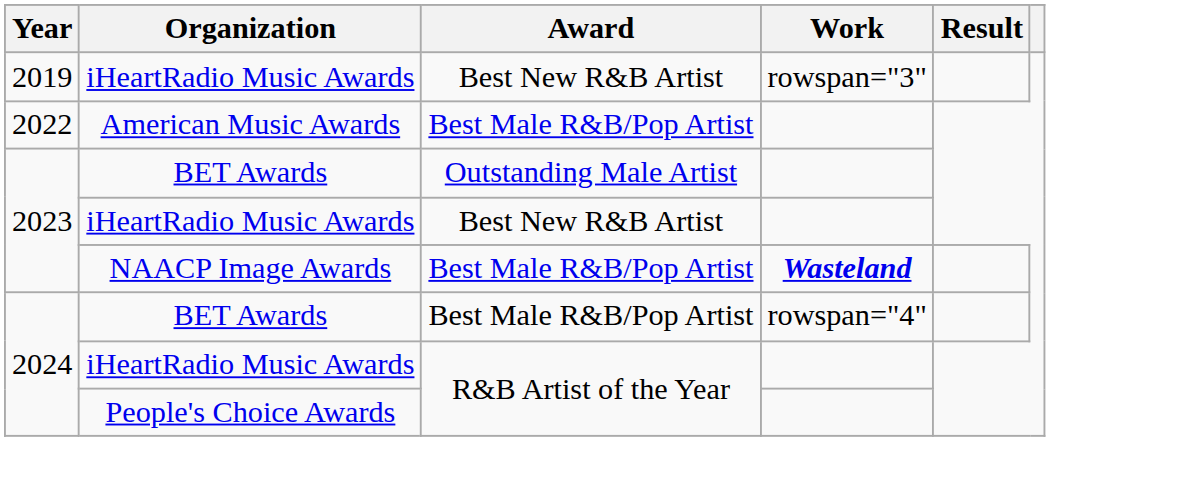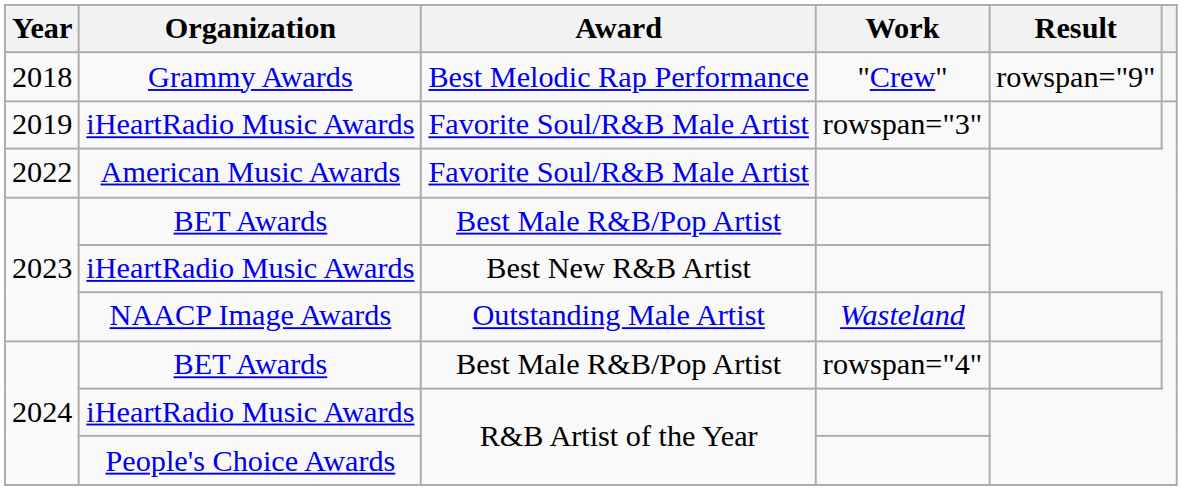 <table class="wikitable plainrowheaders" style="text-align:center;">
 <tr>
 <th>Year</th>
 <th>Organization</th>
 <th>Award</th>
 <th>Work</th>
 <th>Result</th>
 <th></th>
 </tr>
 <tr>
+<td>2018</td>
+<td><a href='#'>Grammy Awards</a></td>
+<td><a href='#'>Best Melodic Rap Performance</a></td>
+<td>"<a href='#'>Crew</a>" </td>
+<td>rowspan="9" </td>
+<td></td>
+</tr>
+<tr>
 <td>2019</td>
 <td><a href='#'>iHeartRadio Music Awards</a></td>
-<td>Best New R&B Artist</td>
+<td><a href='#'>Favorite Soul/R&B Male Artist</a></td>
 <td>rowspan="3" </td>
 <td></td>
 </tr>
 <tr>
 <td>2022</td>
 <td><a href='#'>American Music Awards</a></td>
-<td><a href='#'>Best Male R&B/Pop Artist</a></td>
+<td><a href='#'>Favorite Soul/R&B Male Artist</a></td>
 <td></td>
 </tr>
 <tr>
 <td rowspan="3">2023</td>
 <td><a href='#'>BET Awards</a></td>
-<td><a href='#'>Outstanding Male Artist</a></td>
+<td><a href='#'>Best Male R&B/Pop Artist</a></td>
 <td></td>
 </tr>
 <tr>
 <td><a href='#'>iHeartRadio Music Awards</a></td>
 <td>Best New R&B Artist</td>
 <td></td>
 </tr>
 <tr>
 <td><a href='#'>NAACP Image Awards</a></td>
-<td><a href='#'>Best Male R&B/Pop Artist</a></td>
-<td><strong><em><a href='#'>Wasteland</a></em></strong></td>
+<td><a href='#'>Outstanding Male Artist</a></td>
+<td><em><a href='#'>Wasteland</a></em></td>
 <td></td>
 </tr>
 <tr>
 <td rowspan="3">2024</td>
 <td><a href='#'>BET Awards</a></td>
 <td>Best Male R&B/Pop Artist</td>
 <td>rowspan="4" </td>
 <td></td>
 </tr>
 <tr>
 <td><a href='#'>iHeartRadio Music Awards</a></td>
 <td rowspan="2">R&B Artist of the Year</td>
 <td></td>
 </tr>
 <tr>
 <td><a href='#'>People's Choice Awards</a></td>
 <td></td>
 </tr>
 </table>
